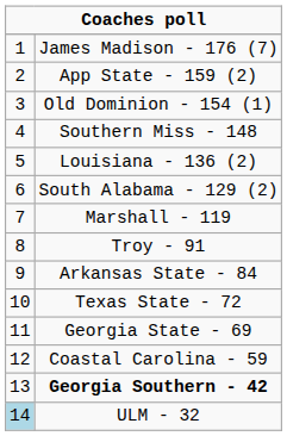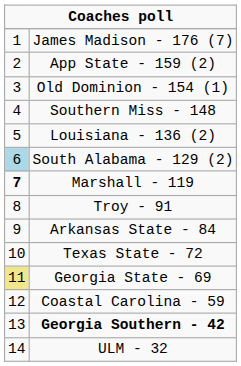 <table class="wikitable" style="display: inline-table;">
 <tr>
 <td align="center" Colspan="3"><strong>Coaches poll</strong></td>
 </tr>
 <tr align="center">
 </tr>
 <tr align="center">
 <td>1</td>
 <td>James Madison - 176 (7)</td>
 </tr>
 <tr align="center">
 <td>2</td>
 <td>App State - 159 (2)</td>
 </tr>
 <tr align="center">
 <td>3</td>
 <td>Old Dominion - 154 (1)</td>
 </tr>
 <tr align="center">
 <td>4</td>
 <td>Southern Miss - 148</td>
 </tr>
 <tr align="center">
 <td>5</td>
 <td>Louisiana - 136 (2)</td>
 </tr>
 <tr align="center">
-<td>6</td>
+<td style="background: lightblue;">6</td>
 <td>South Alabama - 129 (2)</td>
 </tr>
 <tr align="center">
-<td>7</td>
+<td><strong>7</strong></td>
 <td>Marshall - 119</td>
 </tr>
 <tr align="center">
 <td>8</td>
 <td>Troy - 91</td>
 </tr>
 <tr align="center">
 <td>9</td>
 <td>Arkansas State - 84</td>
 </tr>
 <tr align="center">
 <td>10</td>
 <td>Texas State - 72</td>
 </tr>
 <tr align="center">
-<td>11</td>
+<td style="background: khaki;">11</td>
 <td>Georgia State - 69</td>
 </tr>
 <tr align="center">
 <td>12</td>
 <td>Coastal Carolina - 59</td>
 </tr>
 <tr align="center">
 <td>13</td>
 <td><strong>Georgia Southern - 42</strong></td>
 </tr>
 <tr align="center">
-<td style="background: lightblue;">14</td>
+<td>14</td>
 <td>ULM - 32</td>
 </tr>
 </table>
